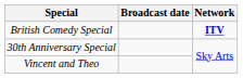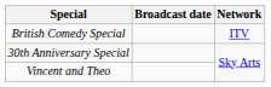 <table class="wikitable" style="text-align:center;">
 <tr>
 <th>Special</th>
 <th>Broadcast date</th>
 <th>Network</th>
 </tr>
 <tr>
 <td><em>British Comedy Special</em></td>
 <td></td>
-<td><strong><a href='#'>ITV</a></strong></td>
+<td><a href='#'>ITV</a></td>
 </tr>
 <tr>
 <td><em>30th Anniversary Special</em></td>
 <td></td>
 <td rowspan="2"><a href='#'>Sky Arts</a></td>
 </tr>
 <tr>
 <td><em>Vincent and Theo</em></td>
 <td></td>
 </tr>
 </table>
